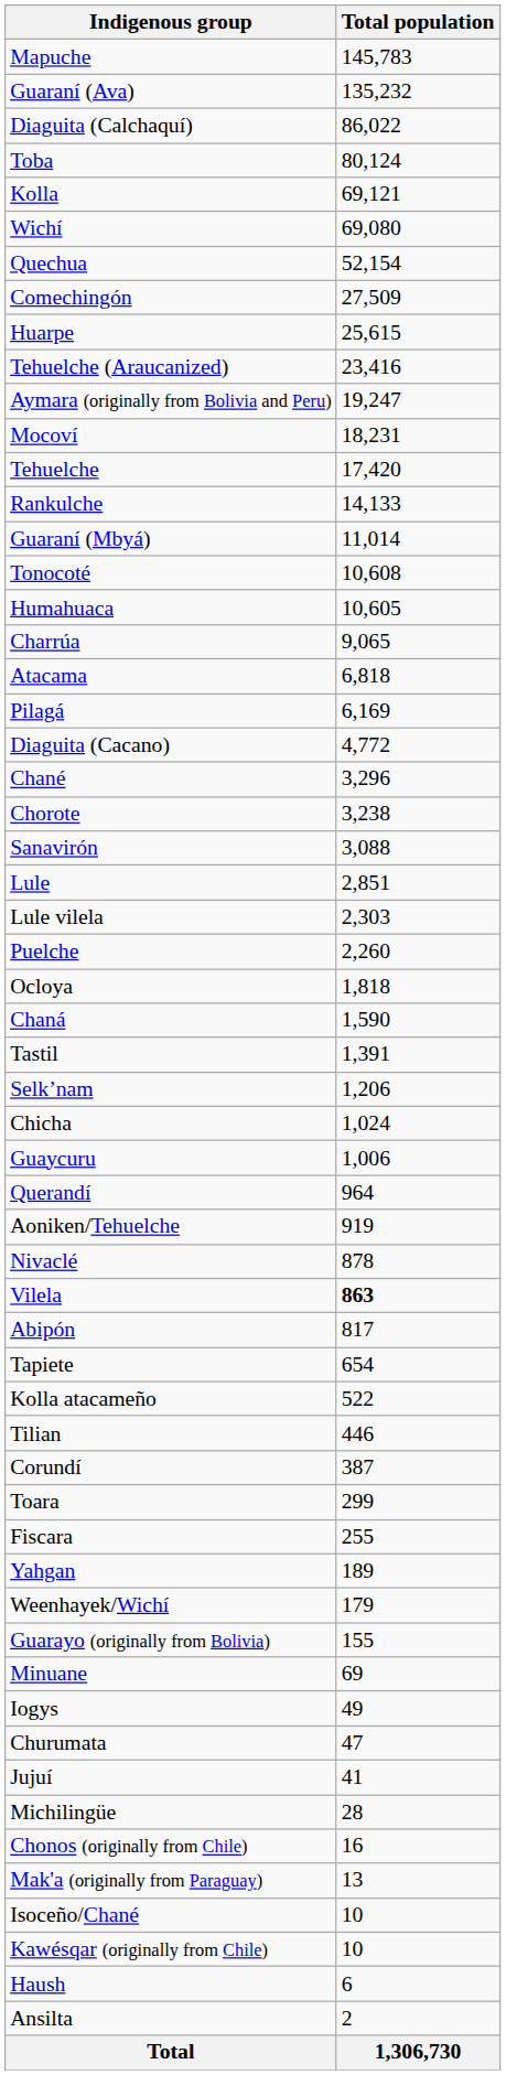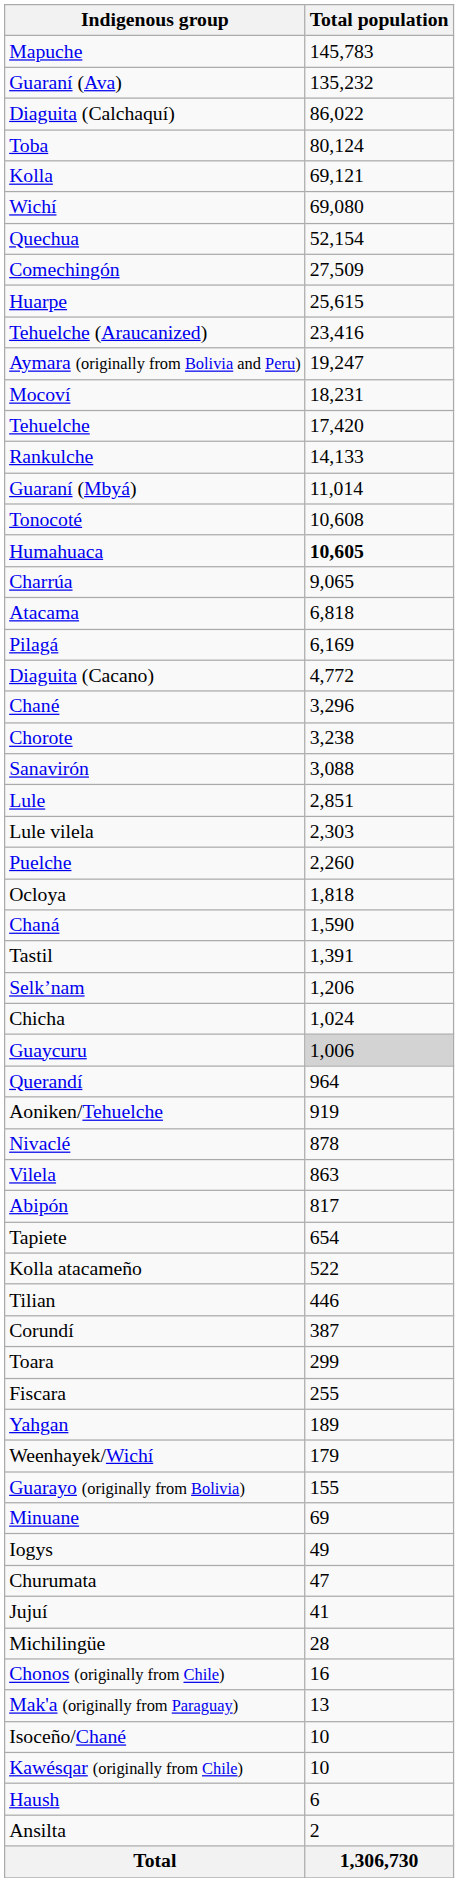 <table class="wikitable sortable">
 <tr>
 <th>Indigenous group</th>
 <th>Total population</th>
 </tr>
 <tr>
 <td><a href='#'>Mapuche</a></td>
 <td>145,783</td>
 </tr>
 <tr>
 <td><a href='#'>Guaraní</a> (<a href='#'>Ava</a>)</td>
 <td>135,232</td>
 </tr>
 <tr>
 <td><a href='#'>Diaguita</a> (Calchaquí)</td>
 <td>86,022</td>
 </tr>
 <tr>
 <td><a href='#'>Toba</a></td>
 <td>80,124</td>
 </tr>
 <tr>
 <td><a href='#'>Kolla</a></td>
 <td>69,121</td>
 </tr>
 <tr>
 <td><a href='#'>Wichí</a></td>
 <td>69,080</td>
 </tr>
 <tr>
 <td><a href='#'>Quechua</a></td>
 <td>52,154</td>
 </tr>
 <tr>
 <td><a href='#'>Comechingón</a></td>
 <td>27,509</td>
 </tr>
 <tr>
 <td><a href='#'>Huarpe</a></td>
 <td>25,615</td>
 </tr>
 <tr>
 <td><a href='#'>Tehuelche</a> (<a href='#'>Araucanized</a>)</td>
 <td>23,416</td>
 </tr>
 <tr>
 <td><a href='#'>Aymara</a> <small>(originally from <a href='#'>Bolivia</a> and <a href='#'>Peru</a>)</small></td>
 <td>19,247</td>
 </tr>
 <tr>
 <td><a href='#'>Mocoví</a></td>
 <td>18,231</td>
 </tr>
 <tr>
 <td><a href='#'>Tehuelche</a></td>
 <td>17,420</td>
 </tr>
 <tr>
 <td><a href='#'>Rankulche</a></td>
 <td>14,133</td>
 </tr>
 <tr>
 <td><a href='#'>Guaraní</a> (<a href='#'>Mbyá</a>)</td>
 <td>11,014</td>
 </tr>
 <tr>
 <td><a href='#'>Tonocoté</a></td>
 <td>10,608</td>
 </tr>
 <tr>
 <td><a href='#'>Humahuaca</a></td>
-<td>10,605</td>
+<td><strong>10,605</strong></td>
 </tr>
 <tr>
 <td><a href='#'>Charrúa</a></td>
 <td>9,065</td>
 </tr>
 <tr>
 <td><a href='#'>Atacama</a></td>
 <td>6,818</td>
 </tr>
 <tr>
 <td><a href='#'>Pilagá</a></td>
 <td>6,169</td>
 </tr>
 <tr>
 <td><a href='#'>Diaguita</a> (Cacano)</td>
 <td>4,772</td>
 </tr>
 <tr>
 <td><a href='#'>Chané</a></td>
 <td>3,296</td>
 </tr>
 <tr>
 <td><a href='#'>Chorote</a></td>
 <td>3,238</td>
 </tr>
 <tr>
 <td><a href='#'>Sanavirón</a></td>
 <td>3,088</td>
 </tr>
 <tr>
 <td><a href='#'>Lule</a></td>
 <td>2,851</td>
 </tr>
 <tr>
 <td>Lule vilela</td>
 <td>2,303</td>
 </tr>
 <tr>
 <td><a href='#'>Puelche</a></td>
 <td>2,260</td>
 </tr>
 <tr>
 <td>Ocloya</td>
 <td>1,818</td>
 </tr>
 <tr>
 <td><a href='#'>Chaná</a></td>
 <td>1,590</td>
 </tr>
 <tr>
 <td>Tastil</td>
 <td>1,391</td>
 </tr>
 <tr>
 <td><a href='#'>Selkʼnam</a></td>
 <td>1,206</td>
 </tr>
 <tr>
 <td>Chicha</td>
 <td>1,024</td>
 </tr>
 <tr>
 <td><a href='#'>Guaycuru</a></td>
-<td>1,006</td>
+<td style="background: lightgrey;">1,006</td>
 </tr>
 <tr>
 <td><a href='#'>Querandí</a></td>
 <td>964</td>
 </tr>
 <tr>
 <td>Aoniken/<a href='#'>Tehuelche</a></td>
 <td>919</td>
 </tr>
 <tr>
 <td><a href='#'>Nivaclé</a></td>
 <td>878</td>
 </tr>
 <tr>
 <td><a href='#'>Vilela</a></td>
-<td><strong>863</strong></td>
+<td>863</td>
 </tr>
 <tr>
 <td><a href='#'>Abipón</a></td>
 <td>817</td>
 </tr>
 <tr>
 <td>Tapiete</td>
 <td>654</td>
 </tr>
 <tr>
 <td>Kolla atacameño</td>
 <td>522</td>
 </tr>
 <tr>
 <td>Tilian</td>
 <td>446</td>
 </tr>
 <tr>
 <td>Corundí</td>
 <td>387</td>
 </tr>
 <tr>
 <td>Toara</td>
 <td>299</td>
 </tr>
 <tr>
 <td>Fiscara</td>
 <td>255</td>
 </tr>
 <tr>
 <td><a href='#'>Yahgan</a></td>
 <td>189</td>
 </tr>
 <tr>
 <td>Weenhayek/<a href='#'>Wichí</a></td>
 <td>179</td>
 </tr>
 <tr>
 <td><a href='#'>Guarayo</a> <small>(originally from <a href='#'>Bolivia</a>)</small></td>
 <td>155</td>
 </tr>
 <tr>
 <td><a href='#'>Minuane</a></td>
 <td>69</td>
 </tr>
 <tr>
 <td>Iogys</td>
 <td>49</td>
 </tr>
 <tr>
 <td>Churumata</td>
 <td>47</td>
 </tr>
 <tr>
 <td>Jujuí</td>
 <td>41</td>
 </tr>
 <tr>
 <td>Michilingüe</td>
 <td>28</td>
 </tr>
 <tr>
 <td><a href='#'>Chonos</a> <small>(originally from <a href='#'>Chile</a>)</small></td>
 <td>16</td>
 </tr>
 <tr>
 <td><a href='#'>Mak'a</a> <small>(originally from <a href='#'>Paraguay</a>)</small></td>
 <td>13</td>
 </tr>
 <tr>
 <td>Isoceño/<a href='#'>Chané</a></td>
 <td>10</td>
 </tr>
 <tr>
 <td><a href='#'>Kawésqar</a> <small>(originally from <a href='#'>Chile</a>)</small></td>
 <td>10</td>
 </tr>
 <tr>
 <td><a href='#'>Haush</a></td>
 <td>6</td>
 </tr>
 <tr>
 <td>Ansilta</td>
 <td>2</td>
 </tr>
 <tr>
 <th>Total</th>
 <th>1,306,730</th>
 </tr>
 </table>
